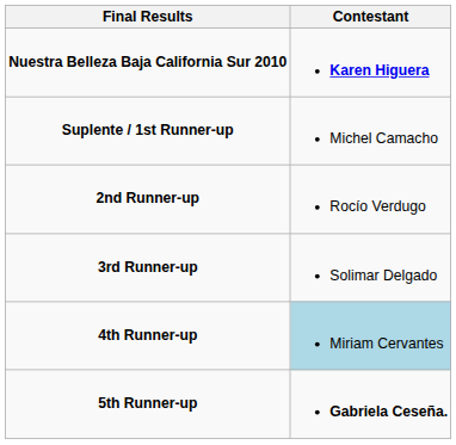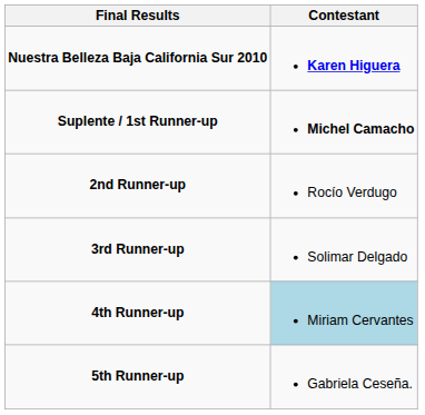 <table class="wikitable">
 <tr>
 <th>Final Results</th>
 <th>Contestant</th>
 </tr>
 <tr>
 <td align="center"><strong>Nuestra Belleza Baja California  Sur 2010</strong></td>
 <td><br><ul><li><strong><a href='#'>Karen Higuera</a></strong></li></ul></td>
 </tr>
 <tr>
 <td align="center"><strong>Suplente / 1st Runner-up</strong></td>
-<td><br><ul><li>Michel Camacho</li></ul></td>
+<td><strong><br><ul><li>Michel Camacho</li></ul></strong></td>
 </tr>
 <tr>
 <td align="center"><strong>2nd Runner-up</strong></td>
 <td><br><ul><li>Rocío Verdugo</li></ul></td>
 </tr>
 <tr>
 <td align="center"><strong>3rd Runner-up</strong></td>
 <td><br><ul><li>Solimar Delgado</li></ul></td>
 </tr>
 <tr>
 <td align="center"><strong>4th Runner-up</strong></td>
 <td style="background: lightblue;"><br><ul><li>Miriam Cervantes</li></ul></td>
 </tr>
 <tr>
 <td align="center"><strong>5th Runner-up</strong></td>
-<td><strong><br><ul><li>Gabriela Ceseña.</li></ul></strong></td>
+<td><br><ul><li>Gabriela Ceseña.</li></ul></td>
 </tr>
 </table>
